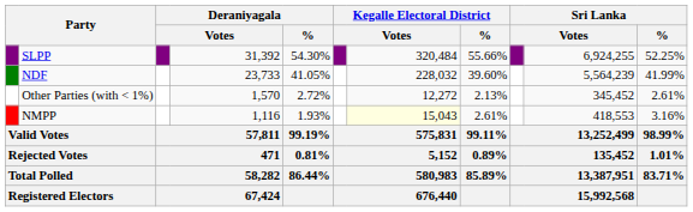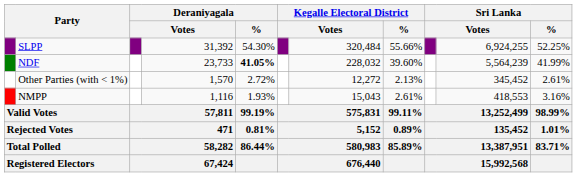 <table class="wikitable">
 <tr>
 <th colspan="2" width="144px"rowspan="2">Party</th>
 <th colspan="3" width="216px">Deraniyagala</th>
 <th colspan="3" width="216px"><a href='#'>Kegalle Electoral District</a></th>
 <th colspan="3" width="216px">Sri Lanka</th>
 </tr>
 <tr>
 <th colspan="2" width="144px">Votes</th>
 <th>%</th>
 <th colspan="2" width="144px">Votes</th>
 <th>%</th>
 <th colspan="2" width="144px">Votes</th>
 <th>%</th>
 </tr>
 <tr>
 <td style="background-color:purple;" width="10px"></td>
 <td style="text-align:left;"><a href='#'>SLPP</a></td>
 <td style="background-color:purple;" width="10px"></td>
 <td style="text-align:right;">31,392</td>
 <td style="text-align:right;">54.30%</td>
 <td style="background-color:purple;" width="10px"></td>
 <td style="text-align:right;">320,484</td>
 <td style="text-align:right;">55.66%</td>
 <td style="background-color:purple;" width="10px"></td>
 <td style="text-align:right;">6,924,255</td>
 <td style="text-align:right;">52.25%</td>
 </tr>
 <tr>
 <td style="background-color:green;" width="10px"></td>
 <td style="text-align:left;"><a href='#'>NDF</a></td>
 <td style="background-color:white;" width="10px"></td>
 <td style="text-align:right;">23,733</td>
-<td style="text-align:right;">41.05%</td>
+<td style="text-align:right;"><strong>41.05%</strong></td>
 <td style="background-color:white;" width="10px"></td>
 <td style="text-align:right;">228,032</td>
 <td style="text-align:right;">39.60%</td>
 <td style="background-color:white;" width="10px"></td>
 <td style="text-align:right;">5,564,239</td>
 <td style="text-align:right;">41.99%</td>
 </tr>
 <tr>
 <td style="background-color:white;" width="10px"></td>
 <td style="text-align:left;">Other Parties (with < 1%)</td>
 <td style="background-color:white;" width="10px"></td>
 <td style="text-align:right;">1,570</td>
 <td style="text-align:right;">2.72%</td>
 <td style="background-color:white;" width="10px"></td>
 <td style="text-align:right;">12,272</td>
 <td style="text-align:right;">2.13%</td>
 <td style="background-color:white;" width="10px"></td>
 <td style="text-align:right;">345,452</td>
 <td style="text-align:right;">2.61%</td>
 </tr>
 <tr>
 <td style="background-color:red;" width="10px"></td>
 <td style="text-align:left;">NMPP</td>
 <td style="background-color:white;" width="10px"></td>
 <td style="text-align:right;">1,116</td>
 <td style="text-align:right;">1.93%</td>
 <td style="background-color:white;" width="10px"></td>
-<td style="background: lightyellow; text-align:right;">15,043</td>
+<td style="text-align:right;">15,043</td>
 <td style="text-align:right;">2.61%</td>
 <td style="background-color:white;" width="10px"></td>
 <td style="text-align:right;">418,553</td>
 <td style="text-align:right;">3.16%</td>
 </tr>
 <tr>
 <th colspan="2" width="144px"style="text-align:left;">Valid Votes</th>
 <th style="text-align:right;"colspan="2" width="144px">57,811</th>
 <th style="text-align:right;">99.19%</th>
 <th style="text-align:right;"colspan="2" width="144px">575,831</th>
 <th style="text-align:right;">99.11%</th>
 <th style="text-align:right;"colspan="2" width="144px">13,252,499</th>
 <th style="text-align:right;">98.99%</th>
 </tr>
 <tr>
 <th colspan="2" width="144px"style="text-align:left;">Rejected Votes</th>
 <th style="text-align:right;"colspan="2" width="144px">471</th>
 <th style="text-align:right;">0.81%</th>
 <th style="text-align:right;"colspan="2" width="144px">5,152</th>
 <th style="text-align:right;">0.89%</th>
 <th style="text-align:right;"colspan="2" width="144px">135,452</th>
 <th style="text-align:right;">1.01%</th>
 </tr>
 <tr>
 <th colspan="2" width="144px"style="text-align:left;">Total Polled</th>
 <th style="text-align:right;"colspan="2" width="144px">58,282</th>
 <th style="text-align:right;">86.44%</th>
 <th style="text-align:right;"colspan="2" width="144px">580,983</th>
 <th style="text-align:right;">85.89%</th>
 <th style="text-align:right;"colspan="2" width="144px">13,387,951</th>
 <th style="text-align:right;">83.71%</th>
 </tr>
 <tr>
 <th colspan="2" width="144px"style="text-align:left;">Registered Electors</th>
 <th style="text-align:right;"colspan="2" width="144px">67,424</th>
 <th></th>
 <th style="text-align:right;"colspan="2" width="144px">676,440</th>
 <th></th>
 <th style="text-align:right;"colspan="2" width="144px">15,992,568</th>
 <th></th>
 </tr>
 </table>
